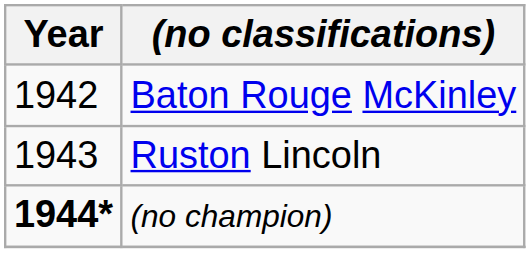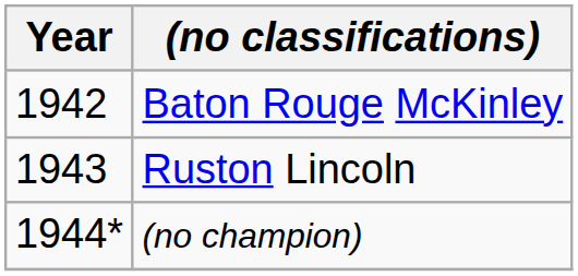 <table class="wikitable sortable">
 <tr>
 <th>Year</th>
 <th><em>(no classifications)</em></th>
 </tr>
 <tr>
 <td>1942</td>
 <td><a href='#'>Baton Rouge</a> <a href='#'>McKinley</a></td>
 </tr>
 <tr>
 <td>1943</td>
 <td><a href='#'>Ruston</a> Lincoln</td>
 </tr>
 <tr>
-<td><strong>1944*</strong></td>
+<td>1944*</td>
 <td><small><em>(no champion)</em></small></td>
 </tr>
 <tr>
 </tr>
 </table>
